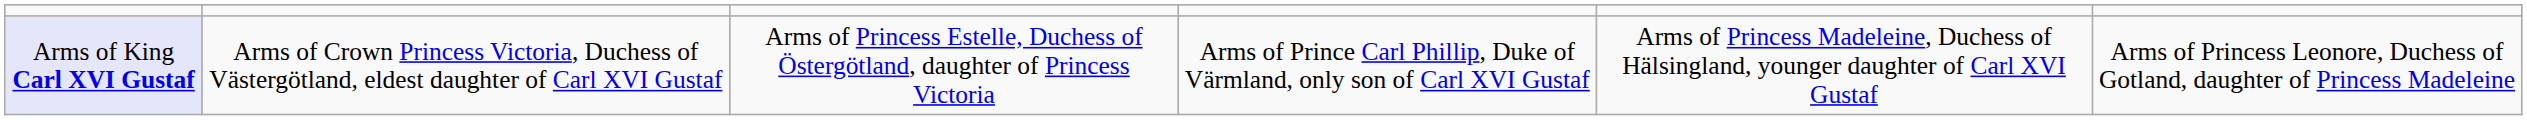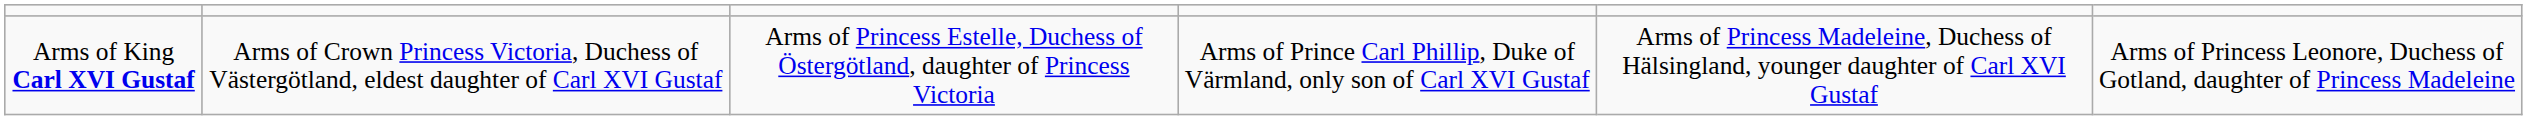 <table class="wikitable" style="margin:1em auto; text-align:center;">
 <tr>
 <td></td>
 <td></td>
 <td></td>
 <td></td>
 <td></td>
 <td></td>
 </tr>
 <tr>
-<td style="background: lavender;">Arms of King <strong><a href='#'>Carl XVI Gustaf</a></strong></td>
+<td>Arms of King <strong><a href='#'>Carl XVI Gustaf</a></strong></td>
 <td>Arms of Crown <a href='#'>Princess Victoria</a>, Duchess of Västergötland, eldest daughter of <a href='#'>Carl XVI Gustaf</a></td>
 <td>Arms of <a href='#'>Princess Estelle, Duchess of Östergötland</a>, daughter of  <a href='#'>Princess Victoria</a></td>
 <td>Arms of Prince <a href='#'>Carl Phillip</a>, Duke of Värmland, only son of <a href='#'>Carl XVI Gustaf</a></td>
 <td>Arms of <a href='#'>Princess Madeleine</a>, Duchess of Hälsingland, younger daughter of <a href='#'>Carl XVI Gustaf</a></td>
 <td>Arms of  Princess Leonore, Duchess of Gotland, daughter of <a href='#'>Princess Madeleine</a></td>
 </tr>
 </table>
